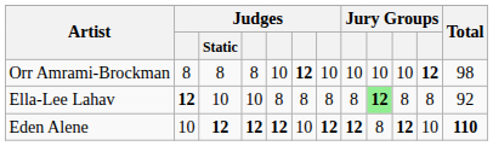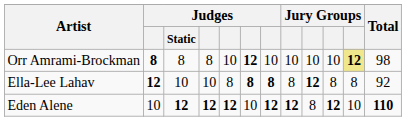 <table class="sortable wikitable" style="margin: 1em auto 1em auto; text-align:center; font-size:100%;">
 <tr>
 </tr>
 <tr>
 <th rowspan="2">Artist</th>
 <th colspan="6"> Judges</th>
 <th colspan="4">Jury Groups</th>
 <th rowspan="2">Total</th>
 </tr>
 <tr>
 <th><small></small></th>
 <th><small>Static</small></th>
 <th><small></small></th>
 <th><small></small></th>
 <th><small></small></th>
 <th class="unsortable"></th>
 <th><small></small></th>
 <th><small></small></th>
 <th><small></small></th>
 <th><small></small></th>
 </tr>
 <tr>
 <td align="left">Orr Amrami-Brockman</td>
-<td>8</td>
+<td><strong>8</strong></td>
 <td>8</td>
 <td>8</td>
 <td>10</td>
 <td><strong>12</strong></td>
 <td>10</td>
 <td>10</td>
 <td>10</td>
 <td>10</td>
-<td><strong>12</strong></td>
+<td style="background: khaki;"><strong>12</strong></td>
 <td>98</td>
 </tr>
 <tr>
 <td align="left">Ella-Lee Lahav</td>
 <td><strong>12</strong></td>
 <td>10</td>
 <td>10</td>
 <td>8</td>
+<td><strong>8</strong></td>
+<td><strong>8</strong></td>
 <td>8</td>
-<td>8</td>
-<td>8</td>
-<td style="background: lightgreen;"><strong>12</strong></td>
+<td><strong>12</strong></td>
 <td>8</td>
 <td>8</td>
 <td>92</td>
 </tr>
 <tr>
 <td align="left">Eden Alene</td>
 <td>10</td>
 <td><strong>12</strong></td>
 <td><strong>12</strong></td>
 <td><strong>12</strong></td>
 <td>10</td>
 <td><strong>12</strong></td>
 <td><strong>12</strong></td>
 <td>8</td>
 <td><strong>12</strong></td>
 <td>10</td>
 <td><strong>110</strong></td>
 </tr>
 </table>
